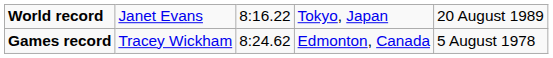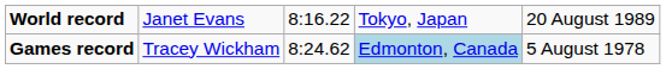 <table class="wikitable sortable" style="text-align:left">
 <tr>
 <td><strong>World record</strong></td>
 <td> <a href='#'>Janet Evans</a></td>
 <td>8:16.22</td>
 <td><a href='#'>Tokyo</a>, <a href='#'>Japan</a></td>
 <td>20 August 1989</td>
 </tr>
 <tr>
 <td><strong>Games record</strong></td>
 <td> <a href='#'>Tracey Wickham</a></td>
 <td>8:24.62</td>
-<td><a href='#'>Edmonton</a>, <a href='#'>Canada</a></td>
+<td style="background: lightblue;"><a href='#'>Edmonton</a>, <a href='#'>Canada</a></td>
 <td>5 August 1978</td>
 </tr>
 </table>
